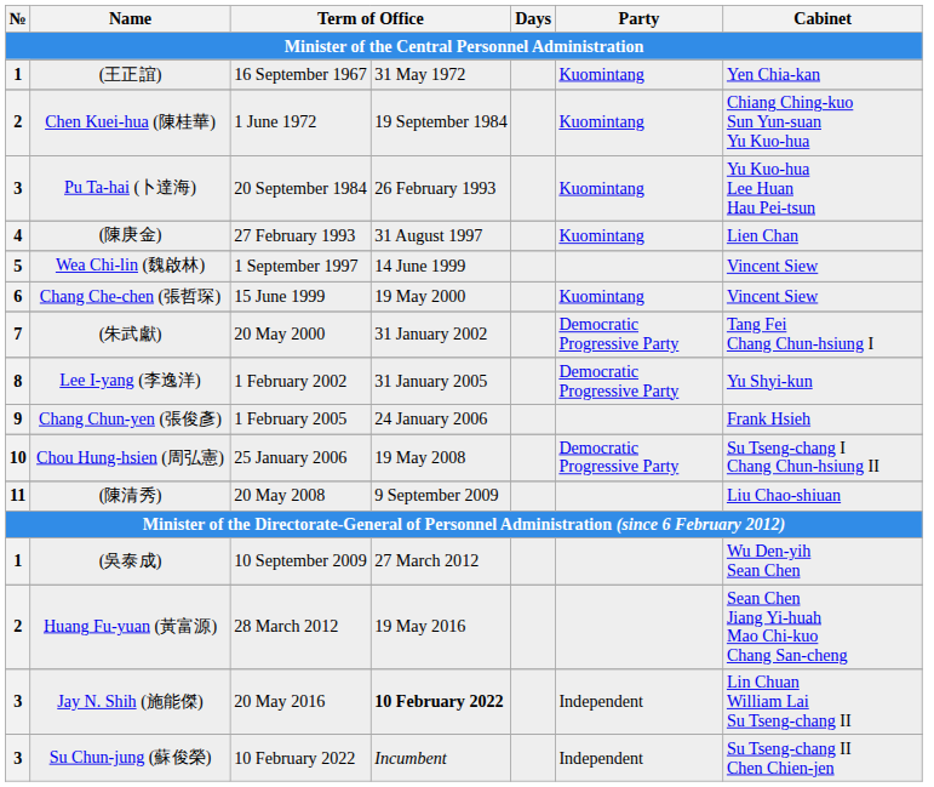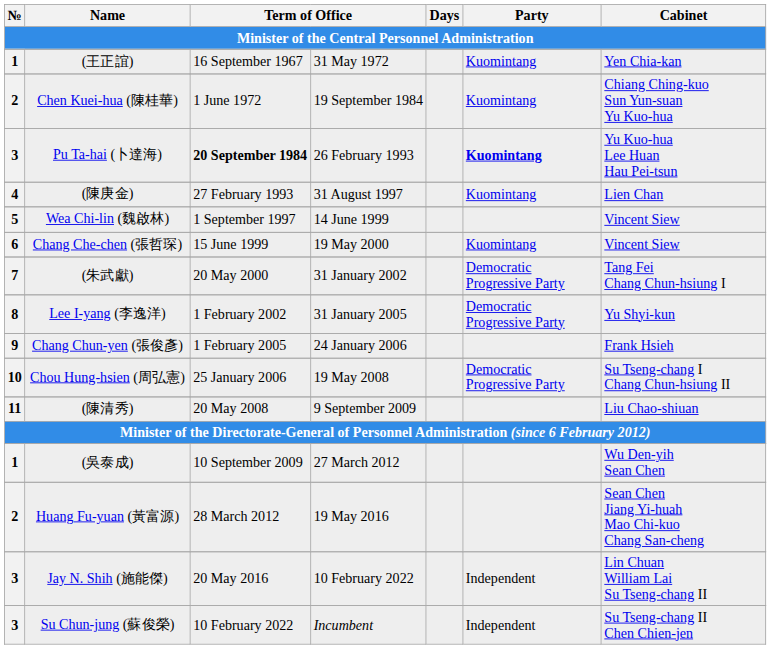 <table class="wikitable">
 <tr ->
 <th>№</th>
 <th width="180">Name</th>
 <th colspan=2 width="180">Term of Office</th>
 <th>Days</th>
 <th width="150">Party</th>
 <th width="180">Cabinet</th>
 </tr>
 <tr ->
 <th colspan=7 style="background:#318CE7; color:white;">Minister of the Central Personnel Administration</th>
 </tr>
 <tr ->
 </tr>
 <tr - bgcolor=#EEEEEE>
 <th style="background:">1</th>
 <td align=center> (王正誼)</td>
 <td>16 September 1967</td>
 <td>31 May 1972</td>
 <td></td>
 <td><a href='#'>Kuomintang</a></td>
 <td><a href='#'>Yen Chia-kan</a></td>
 </tr>
 <tr ->
 </tr>
 <tr - bgcolor=#EEEEEE>
 <th style="background:">2</th>
 <td align=center><a href='#'>Chen Kuei-hua</a> (陳桂華)</td>
 <td>1 June 1972</td>
 <td>19 September 1984</td>
 <td></td>
 <td><a href='#'>Kuomintang</a></td>
 <td><a href='#'>Chiang Ching-kuo</a><br><a href='#'>Sun Yun-suan</a><br><a href='#'>Yu Kuo-hua</a></td>
 </tr>
 <tr ->
 </tr>
 <tr - bgcolor=#EEEEEE>
 <th style="background:">3</th>
 <td align=center><a href='#'>Pu Ta-hai</a> (卜達海)</td>
-<td>20 September 1984</td>
+<td><strong>20 September 1984</strong></td>
 <td>26 February 1993</td>
 <td></td>
-<td><a href='#'>Kuomintang</a></td>
+<td><strong><a href='#'>Kuomintang</a></strong></td>
 <td><a href='#'>Yu Kuo-hua</a><br><a href='#'>Lee Huan</a><br><a href='#'>Hau Pei-tsun</a></td>
 </tr>
 <tr ->
 </tr>
 <tr - bgcolor=#EEEEEE>
 <th style="background:">4</th>
 <td align=center> (陳庚金)</td>
 <td>27 February 1993</td>
 <td>31 August 1997</td>
 <td></td>
 <td><a href='#'>Kuomintang</a></td>
 <td><a href='#'>Lien Chan</a></td>
 </tr>
 <tr ->
 </tr>
 <tr - bgcolor=#EEEEEE>
 <th style="background:">5</th>
 <td align=center><a href='#'>Wea Chi-lin</a> (魏啟林)</td>
 <td>1 September 1997</td>
 <td>14 June 1999</td>
 <td></td>
 <td></td>
 <td><a href='#'>Vincent Siew</a></td>
 </tr>
 <tr ->
 </tr>
 <tr - bgcolor=#EEEEEE>
 <th style="background:">6</th>
 <td align=center><a href='#'>Chang Che-chen</a> (張哲琛)</td>
 <td>15 June 1999</td>
 <td>19 May 2000</td>
 <td></td>
 <td><a href='#'>Kuomintang</a></td>
 <td><a href='#'>Vincent Siew</a></td>
 </tr>
 <tr ->
 </tr>
 <tr - bgcolor=#EEEEEE>
 <th style="background:">7</th>
 <td align=center> (朱武獻)</td>
 <td>20 May 2000</td>
 <td>31 January 2002</td>
 <td></td>
 <td><a href='#'>Democratic Progressive Party</a></td>
 <td><a href='#'>Tang Fei</a><br><a href='#'>Chang Chun-hsiung</a> I</td>
 </tr>
 <tr ->
 </tr>
 <tr - bgcolor=#EEEEEE>
 <th style="background:">8</th>
 <td align=center><a href='#'>Lee I-yang</a> (李逸洋)</td>
 <td>1 February 2002</td>
 <td>31 January 2005</td>
 <td></td>
 <td><a href='#'>Democratic Progressive Party</a></td>
 <td><a href='#'>Yu Shyi-kun</a></td>
 </tr>
 <tr ->
 </tr>
 <tr - bgcolor=#EEEEEE>
 <th style="background:">9</th>
 <td align=center><a href='#'>Chang Chun-yen</a> (張俊彥)</td>
 <td>1 February 2005</td>
 <td>24 January 2006</td>
 <td></td>
 <td></td>
 <td><a href='#'>Frank Hsieh</a></td>
 </tr>
 <tr ->
 </tr>
 <tr - bgcolor=#EEEEEE>
 <th style="background:">10</th>
 <td align=center><a href='#'>Chou Hung-hsien</a> (周弘憲)</td>
 <td>25 January 2006</td>
 <td>19 May 2008</td>
 <td></td>
 <td><a href='#'>Democratic Progressive Party</a></td>
 <td><a href='#'>Su Tseng-chang</a> I<br><a href='#'>Chang Chun-hsiung</a> II</td>
 </tr>
 <tr ->
 </tr>
 <tr - bgcolor=#EEEEEE>
 <th style="background:">11</th>
 <td align=center> (陳清秀)</td>
 <td>20 May 2008</td>
 <td>9 September 2009</td>
 <td></td>
 <td></td>
 <td><a href='#'>Liu Chao-shiuan</a></td>
 </tr>
 <tr ->
 <th colspan=7 style="background:#318CE7; color:white;">Minister of the Directorate-General of Personnel Administration <em>(since 6 February 2012)</em></th>
 </tr>
 <tr ->
 </tr>
 <tr - bgcolor=#EEEEEE>
 <th style="background:">1</th>
 <td align=center> (吳泰成)</td>
 <td>10 September 2009</td>
 <td>27 March 2012</td>
 <td></td>
 <td></td>
 <td><a href='#'>Wu Den-yih</a><br><a href='#'>Sean Chen</a></td>
 </tr>
 <tr ->
 </tr>
 <tr - bgcolor=#EEEEEE>
 <th style="background:">2</th>
 <td align=center><a href='#'>Huang Fu-yuan</a> (黃富源)</td>
 <td>28 March 2012</td>
 <td>19 May 2016</td>
 <td></td>
 <td></td>
 <td><a href='#'>Sean Chen</a><br><a href='#'>Jiang Yi-huah</a><br><a href='#'>Mao Chi-kuo</a><br><a href='#'>Chang San-cheng</a></td>
 </tr>
 <tr ->
 </tr>
 <tr - bgcolor=#EEEEEE>
 <th style="background:">3</th>
 <td align=center><a href='#'>Jay N. Shih</a> (施能傑)</td>
 <td>20 May 2016</td>
-<td><strong>10 February 2022</strong></td>
+<td>10 February 2022</td>
 <td></td>
 <td>Independent</td>
 <td><a href='#'>Lin Chuan</a><br><a href='#'>William Lai</a><br><a href='#'>Su Tseng-chang</a> II</td>
 </tr>
 <tr ->
 </tr>
 <tr - bgcolor=#EEEEEE>
 <th style="background:">3</th>
 <td align=center><a href='#'>Su Chun-jung</a> (蘇俊榮)</td>
 <td>10 February 2022</td>
 <td><em>Incumbent</em></td>
 <td></td>
 <td>Independent</td>
 <td><a href='#'>Su Tseng-chang</a> II<br><a href='#'>Chen Chien-jen</a></td>
 </tr>
 </table>
